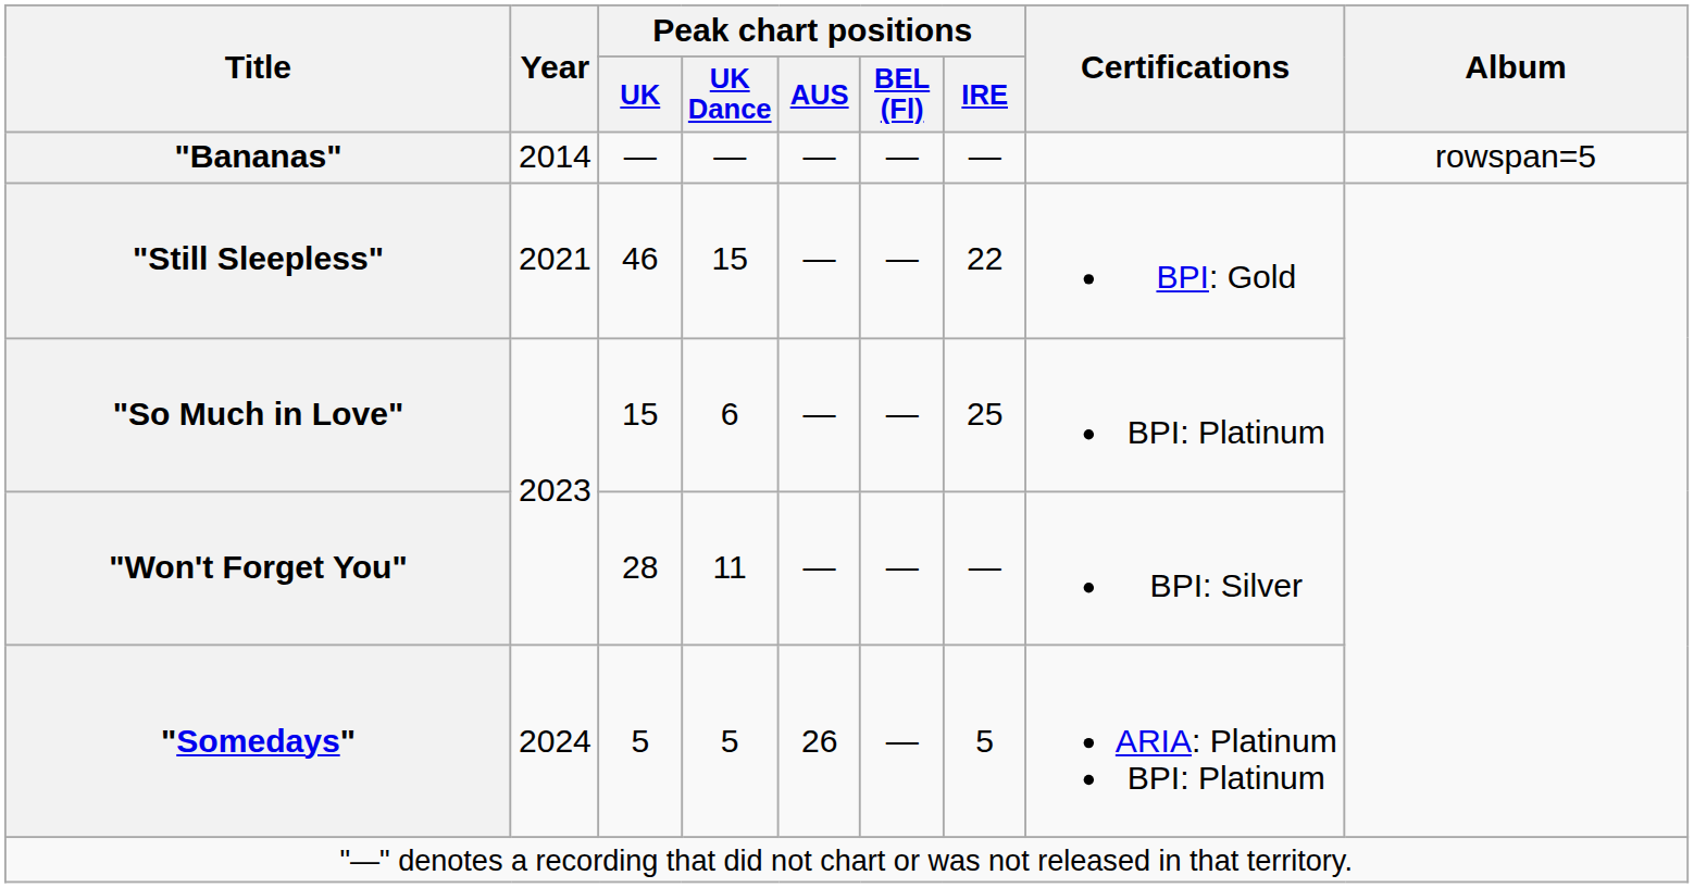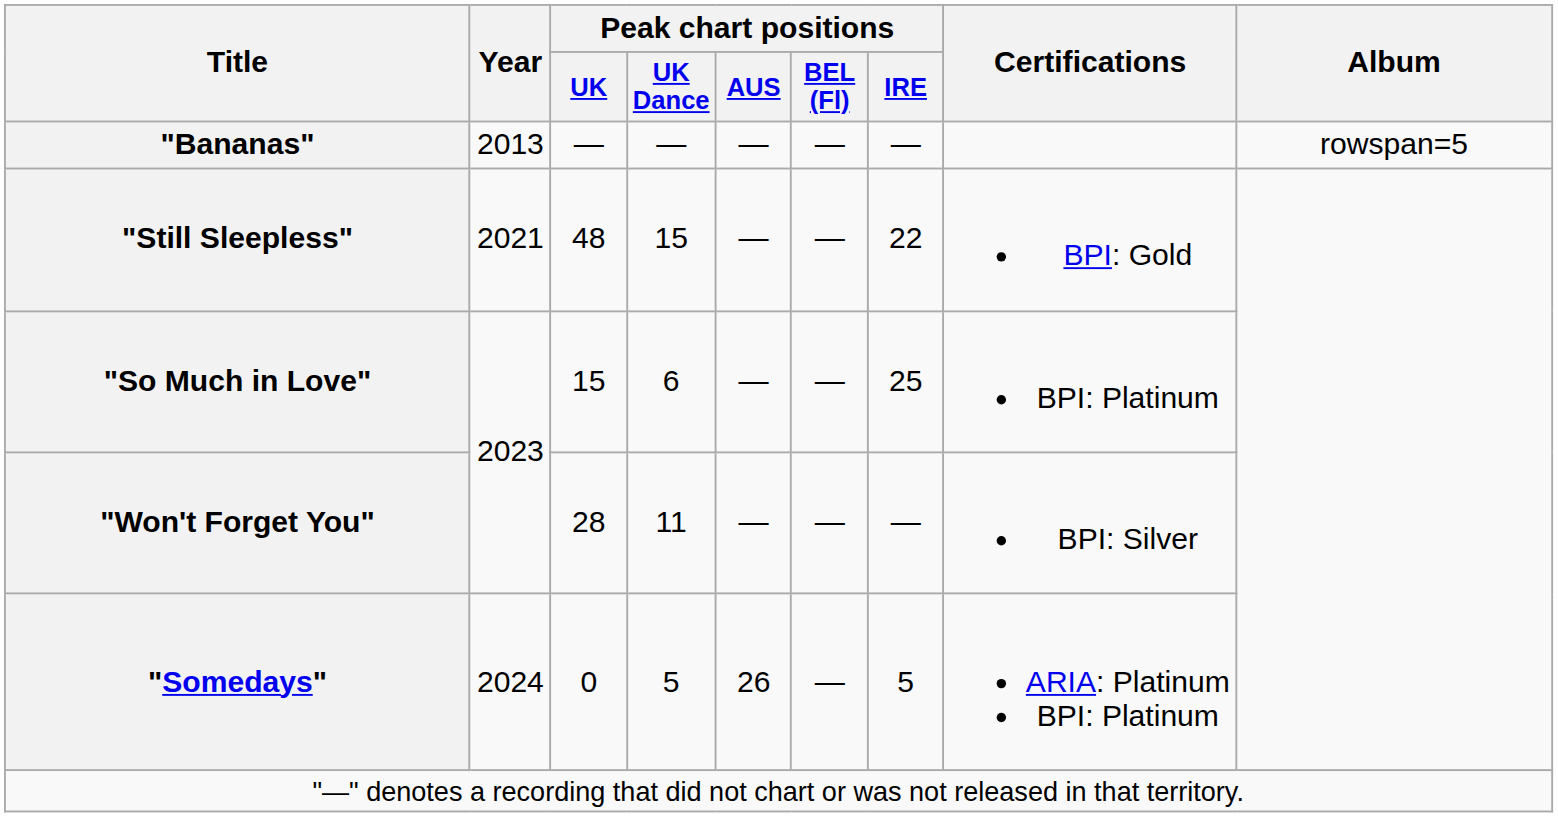 <table class="wikitable plainrowheaders" style="text-align:center;">
 <tr>
 <th scope="col" rowspan="2" style="width:15em;">Title</th>
 <th scope="col" rowspan="2" style="width:1em;">Year</th>
 <th scope="col" colspan="5">Peak chart positions</th>
 <th scope="col" rowspan="2">Certifications</th>
 <th scope="col" rowspan="2" style="width:10em;">Album</th>
 </tr>
 <tr>
 <th scope="col" style="width:2.5em;font-size:85%;"><a href='#'>UK</a><br></th>
 <th scope="col" style="width:2.5em;font-size:85%;"><a href='#'>UK<br>Dance</a><br></th>
 <th scope="col" style="width:2.5em;font-size:85%;"><a href='#'>AUS</a><br></th>
 <th scope="col" style="width:2.5em;font-size:85%;"><a href='#'>BEL<br> (Fl)</a><br></th>
 <th scope="col" style="width:2.5em;font-size:85%;"><a href='#'>IRE</a><br></th>
 </tr>
 <tr>
 <th scope="row">"Bananas"</th>
-<td>2014</td>
+<td>2013</td>
 <td>—</td>
 <td>—</td>
 <td>—</td>
 <td>—</td>
 <td>—</td>
 <td></td>
 <td>rowspan=5 </td>
 </tr>
 <tr>
 <th scope="row">"Still Sleepless"<br></th>
 <td>2021</td>
-<td>46</td>
+<td>48</td>
 <td>15</td>
 <td>—</td>
 <td>—</td>
 <td>22</td>
 <td><br><ul><li><a href='#'>BPI</a>: Gold</li></ul></td>
 </tr>
 <tr>
 <th scope="row">"So Much in Love"</th>
 <td rowspan="2">2023</td>
 <td>15</td>
 <td>6</td>
 <td>—</td>
 <td>—</td>
 <td>25</td>
 <td><br><ul><li>BPI: Platinum</li></ul></td>
 </tr>
 <tr>
 <th scope="row">"Won't Forget You"<br></th>
 <td>28</td>
 <td>11</td>
 <td>—</td>
 <td>—</td>
 <td>—</td>
 <td><br><ul><li>BPI: Silver</li></ul></td>
 </tr>
 <tr>
 <th scope="row">"<a href='#'>Somedays</a>"<br></th>
 <td>2024</td>
-<td>5</td>
+<td>0</td>
 <td>5</td>
 <td>26</td>
 <td>—</td>
 <td>5</td>
 <td><br><ul><li><a href='#'>ARIA</a>: Platinum</li><li>BPI: Platinum</li></ul></td>
 </tr>
 <tr>
 <td colspan="16" style="font-size:90%">"—" denotes a recording that did not chart or was not released in that territory.</td>
 </tr>
 </table>
